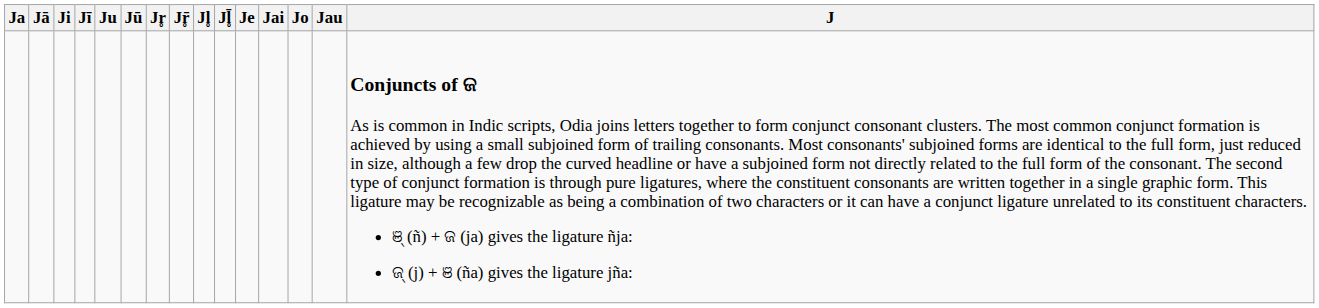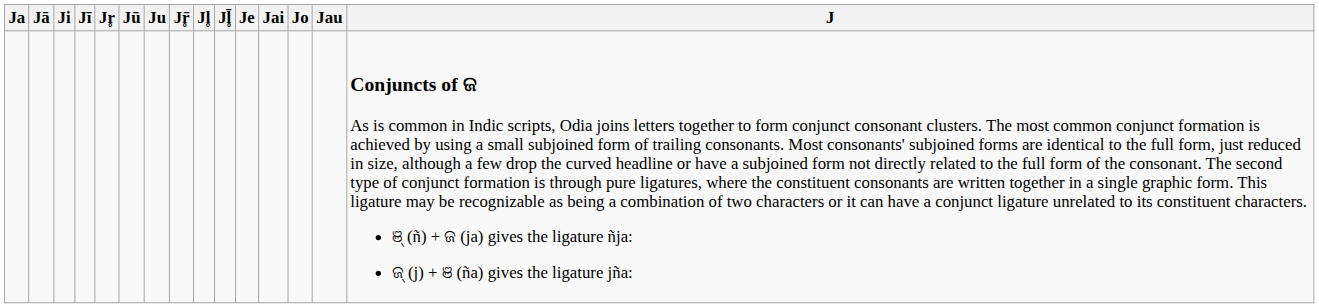 <table class=wikitable>
 <tr>
 <th>Ja</th>
 <th>Jā</th>
 <th>Ji</th>
 <th>Jī</th>
+<th>Jr̥</th>
+<th>Jū</th>
 <th>Ju</th>
-<th>Jū</th>
-<th>Jr̥</th>
 <th>Jr̥̄</th>
 <th>Jl̥</th>
 <th>Jl̥̄</th>
 <th>Je</th>
 <th>Jai</th>
 <th>Jo</th>
 <th>Jau</th>
 <th>J</th>
 </tr>
 <tr>
 <td></td>
 <td></td>
 <td></td>
 <td></td>
 <td></td>
 <td></td>
 <td></td>
 <td></td>
 <td></td>
 <td></td>
 <td></td>
 <td></td>
 <td></td>
 <td></td>
 <td><br><h3>Conjuncts of ଜ</h3>As is common in Indic scripts, Odia joins letters together to form conjunct consonant clusters. The most common conjunct formation is achieved by using a small subjoined form of trailing consonants. Most consonants' subjoined forms are identical to the full form, just reduced in size, although a few drop the curved headline or have a subjoined form not directly related to the full form of the consonant. The second type of conjunct formation is through pure ligatures, where the constituent consonants are written together in a single graphic form. This ligature may be recognizable as being a combination of two characters or it can have a conjunct ligature unrelated to its constituent characters.<ul><li>ଞ୍ (ñ) +  ଜ (ja)  gives the ligature ñja:</li></ul><ul><li>ଜ୍ (j) +  ଞ (ña)  gives the ligature jña:</li></ul></td>
 </tr>
 </table>
